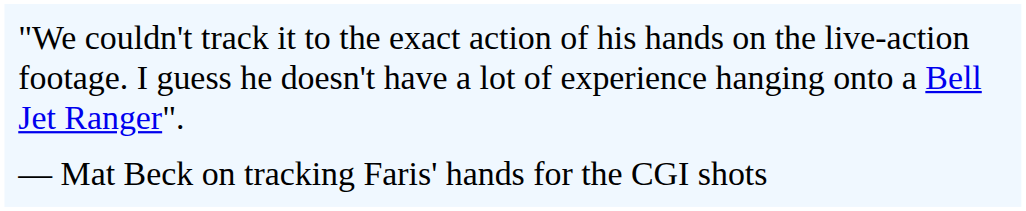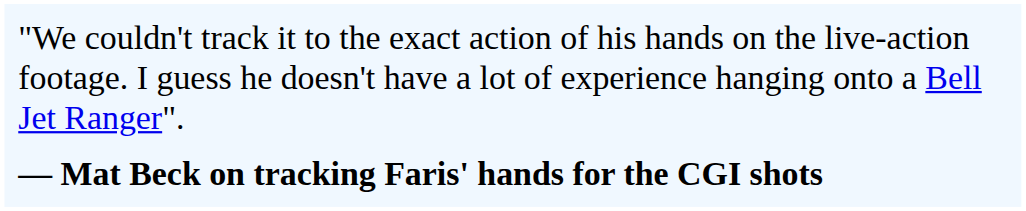 <table class="toccolours" style="float: left; margin-left: 1em; margin-right: 2em; font-size: 95%; background:#F0F8FF; color:black; width:30em; max-width: 40%;" cellspacing="5">
 <tr>
 <td style="text-align: left;">"We couldn't track it to the exact action of his hands on the live-action footage. I guess he doesn't have a lot of experience hanging onto a <a href='#'>Bell Jet Ranger</a>".</td>
 </tr>
 <tr>
-<td style="text-align: left;">— Mat Beck on tracking Faris' hands for the CGI shots</td>
+<td style="text-align: left;"><strong>— Mat Beck on tracking Faris' hands for the CGI shots</strong></td>
 </tr>
 </table>
